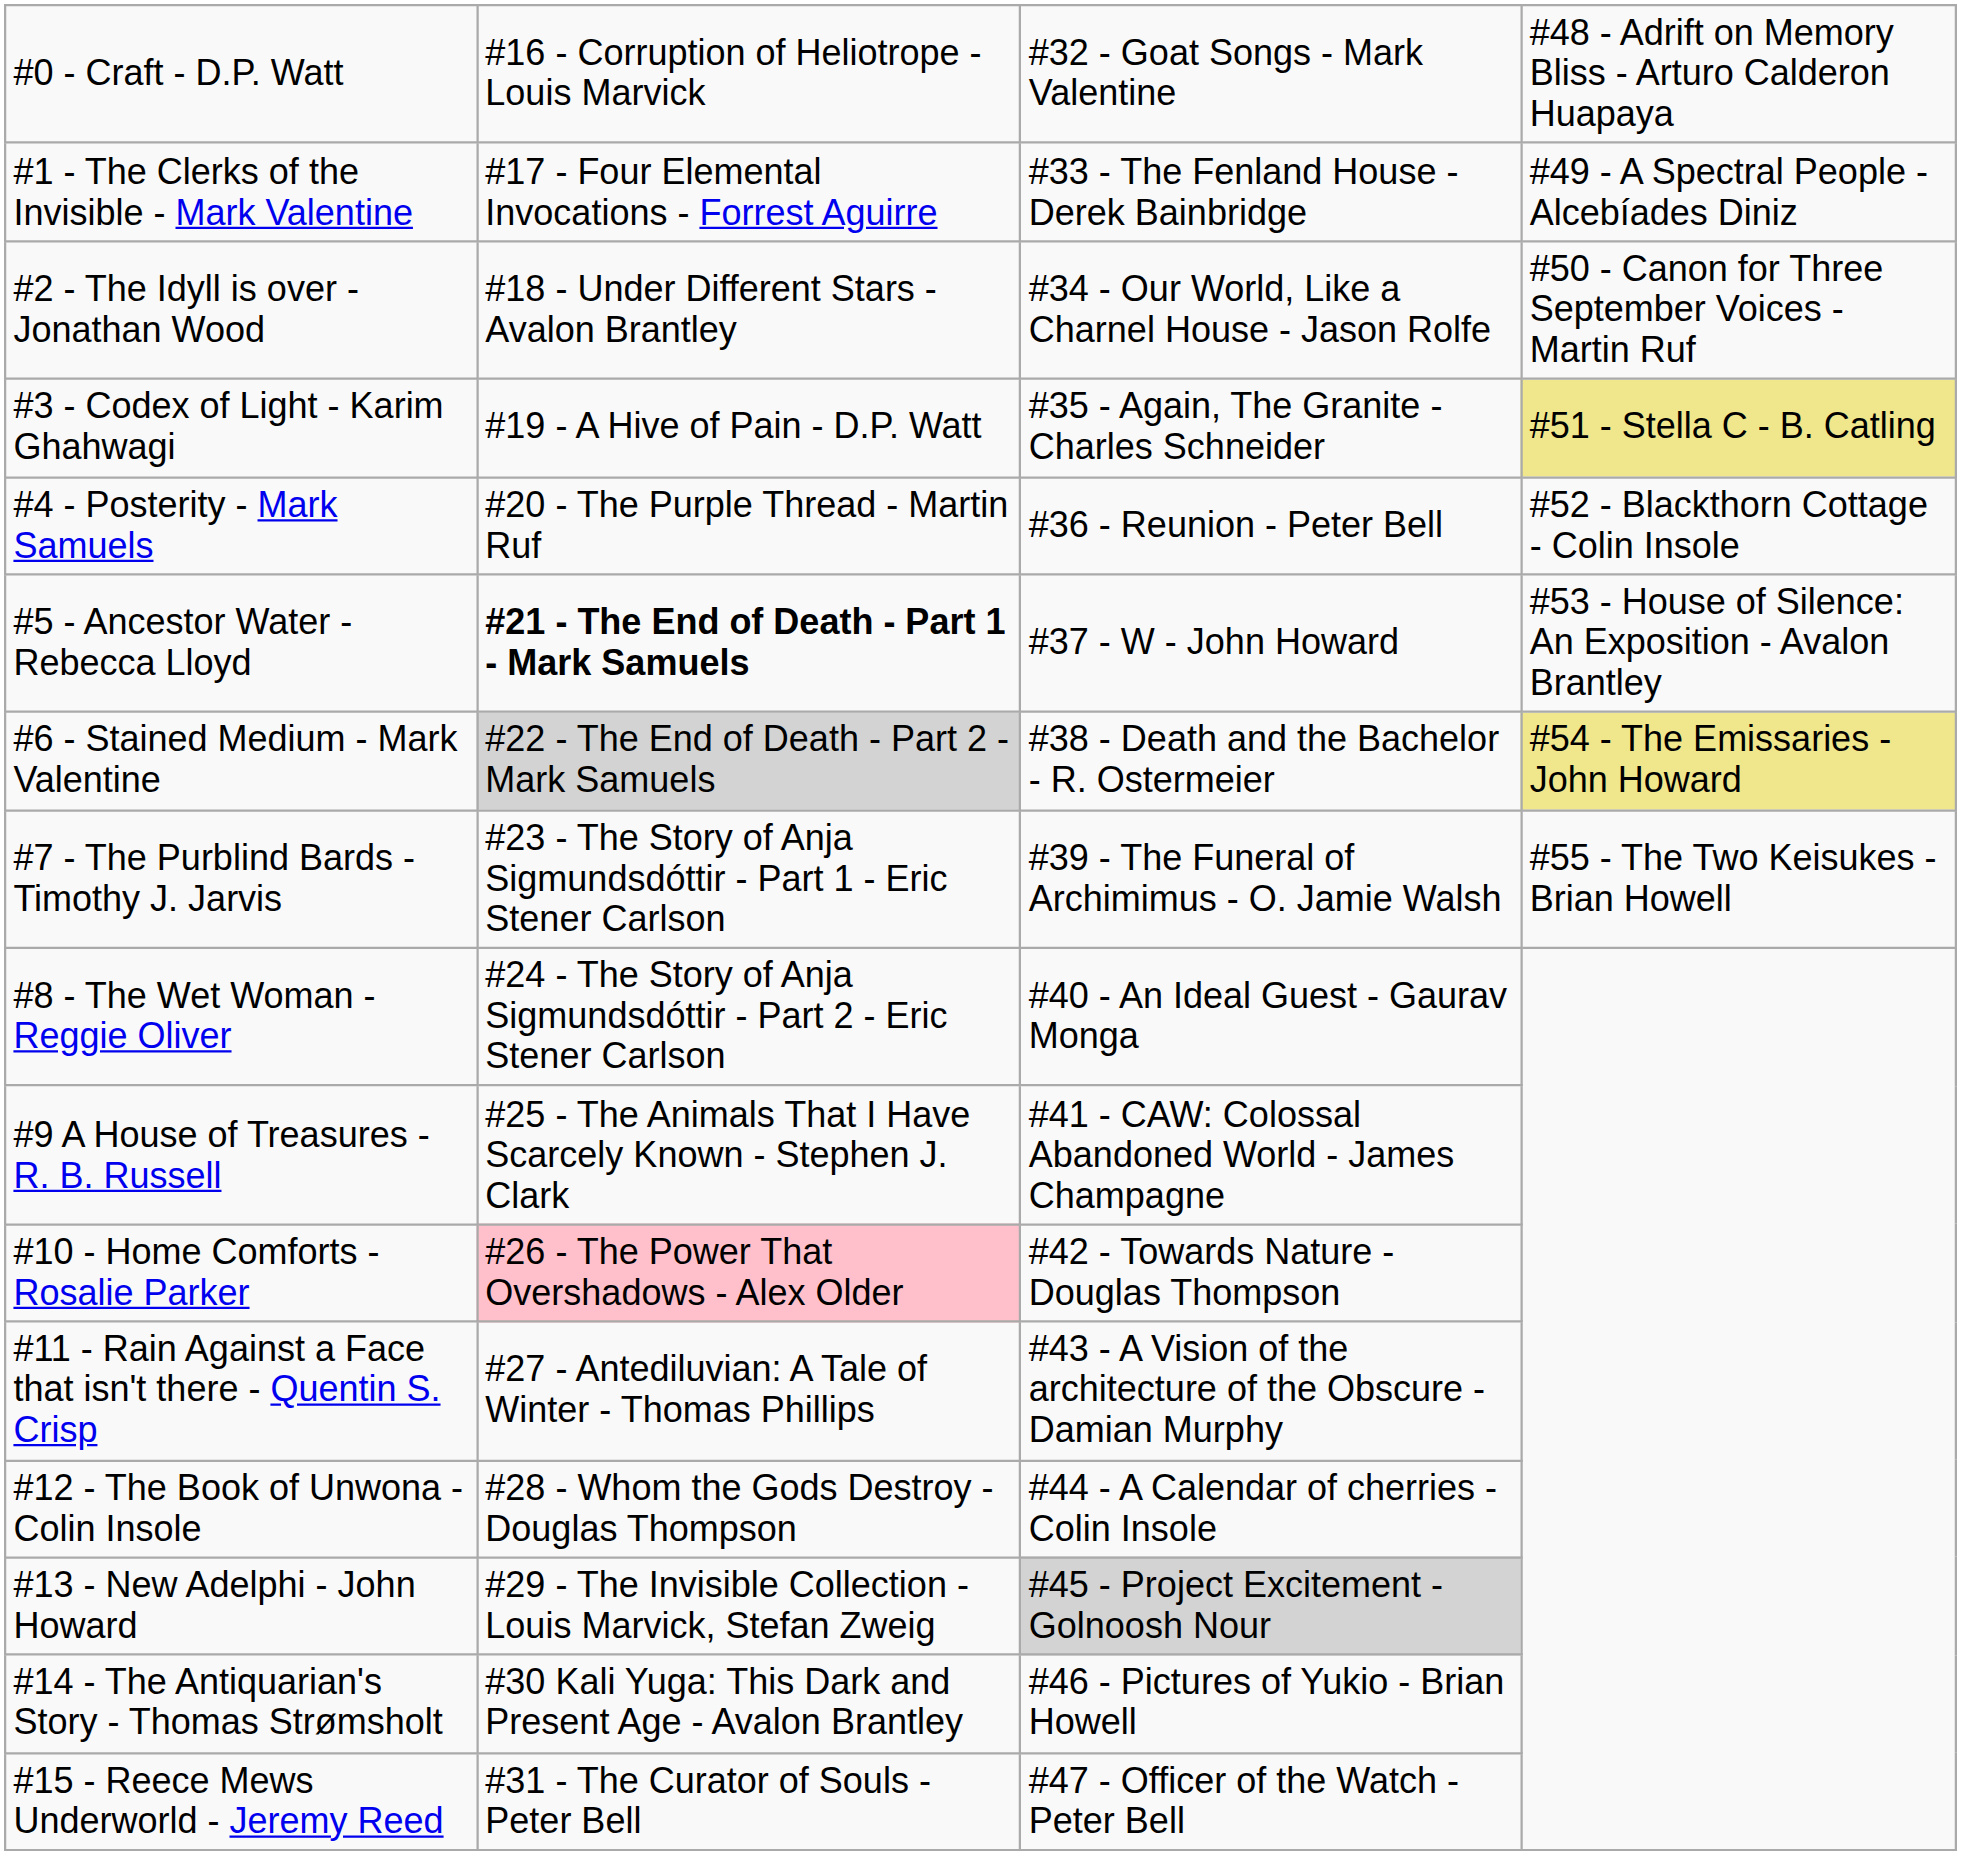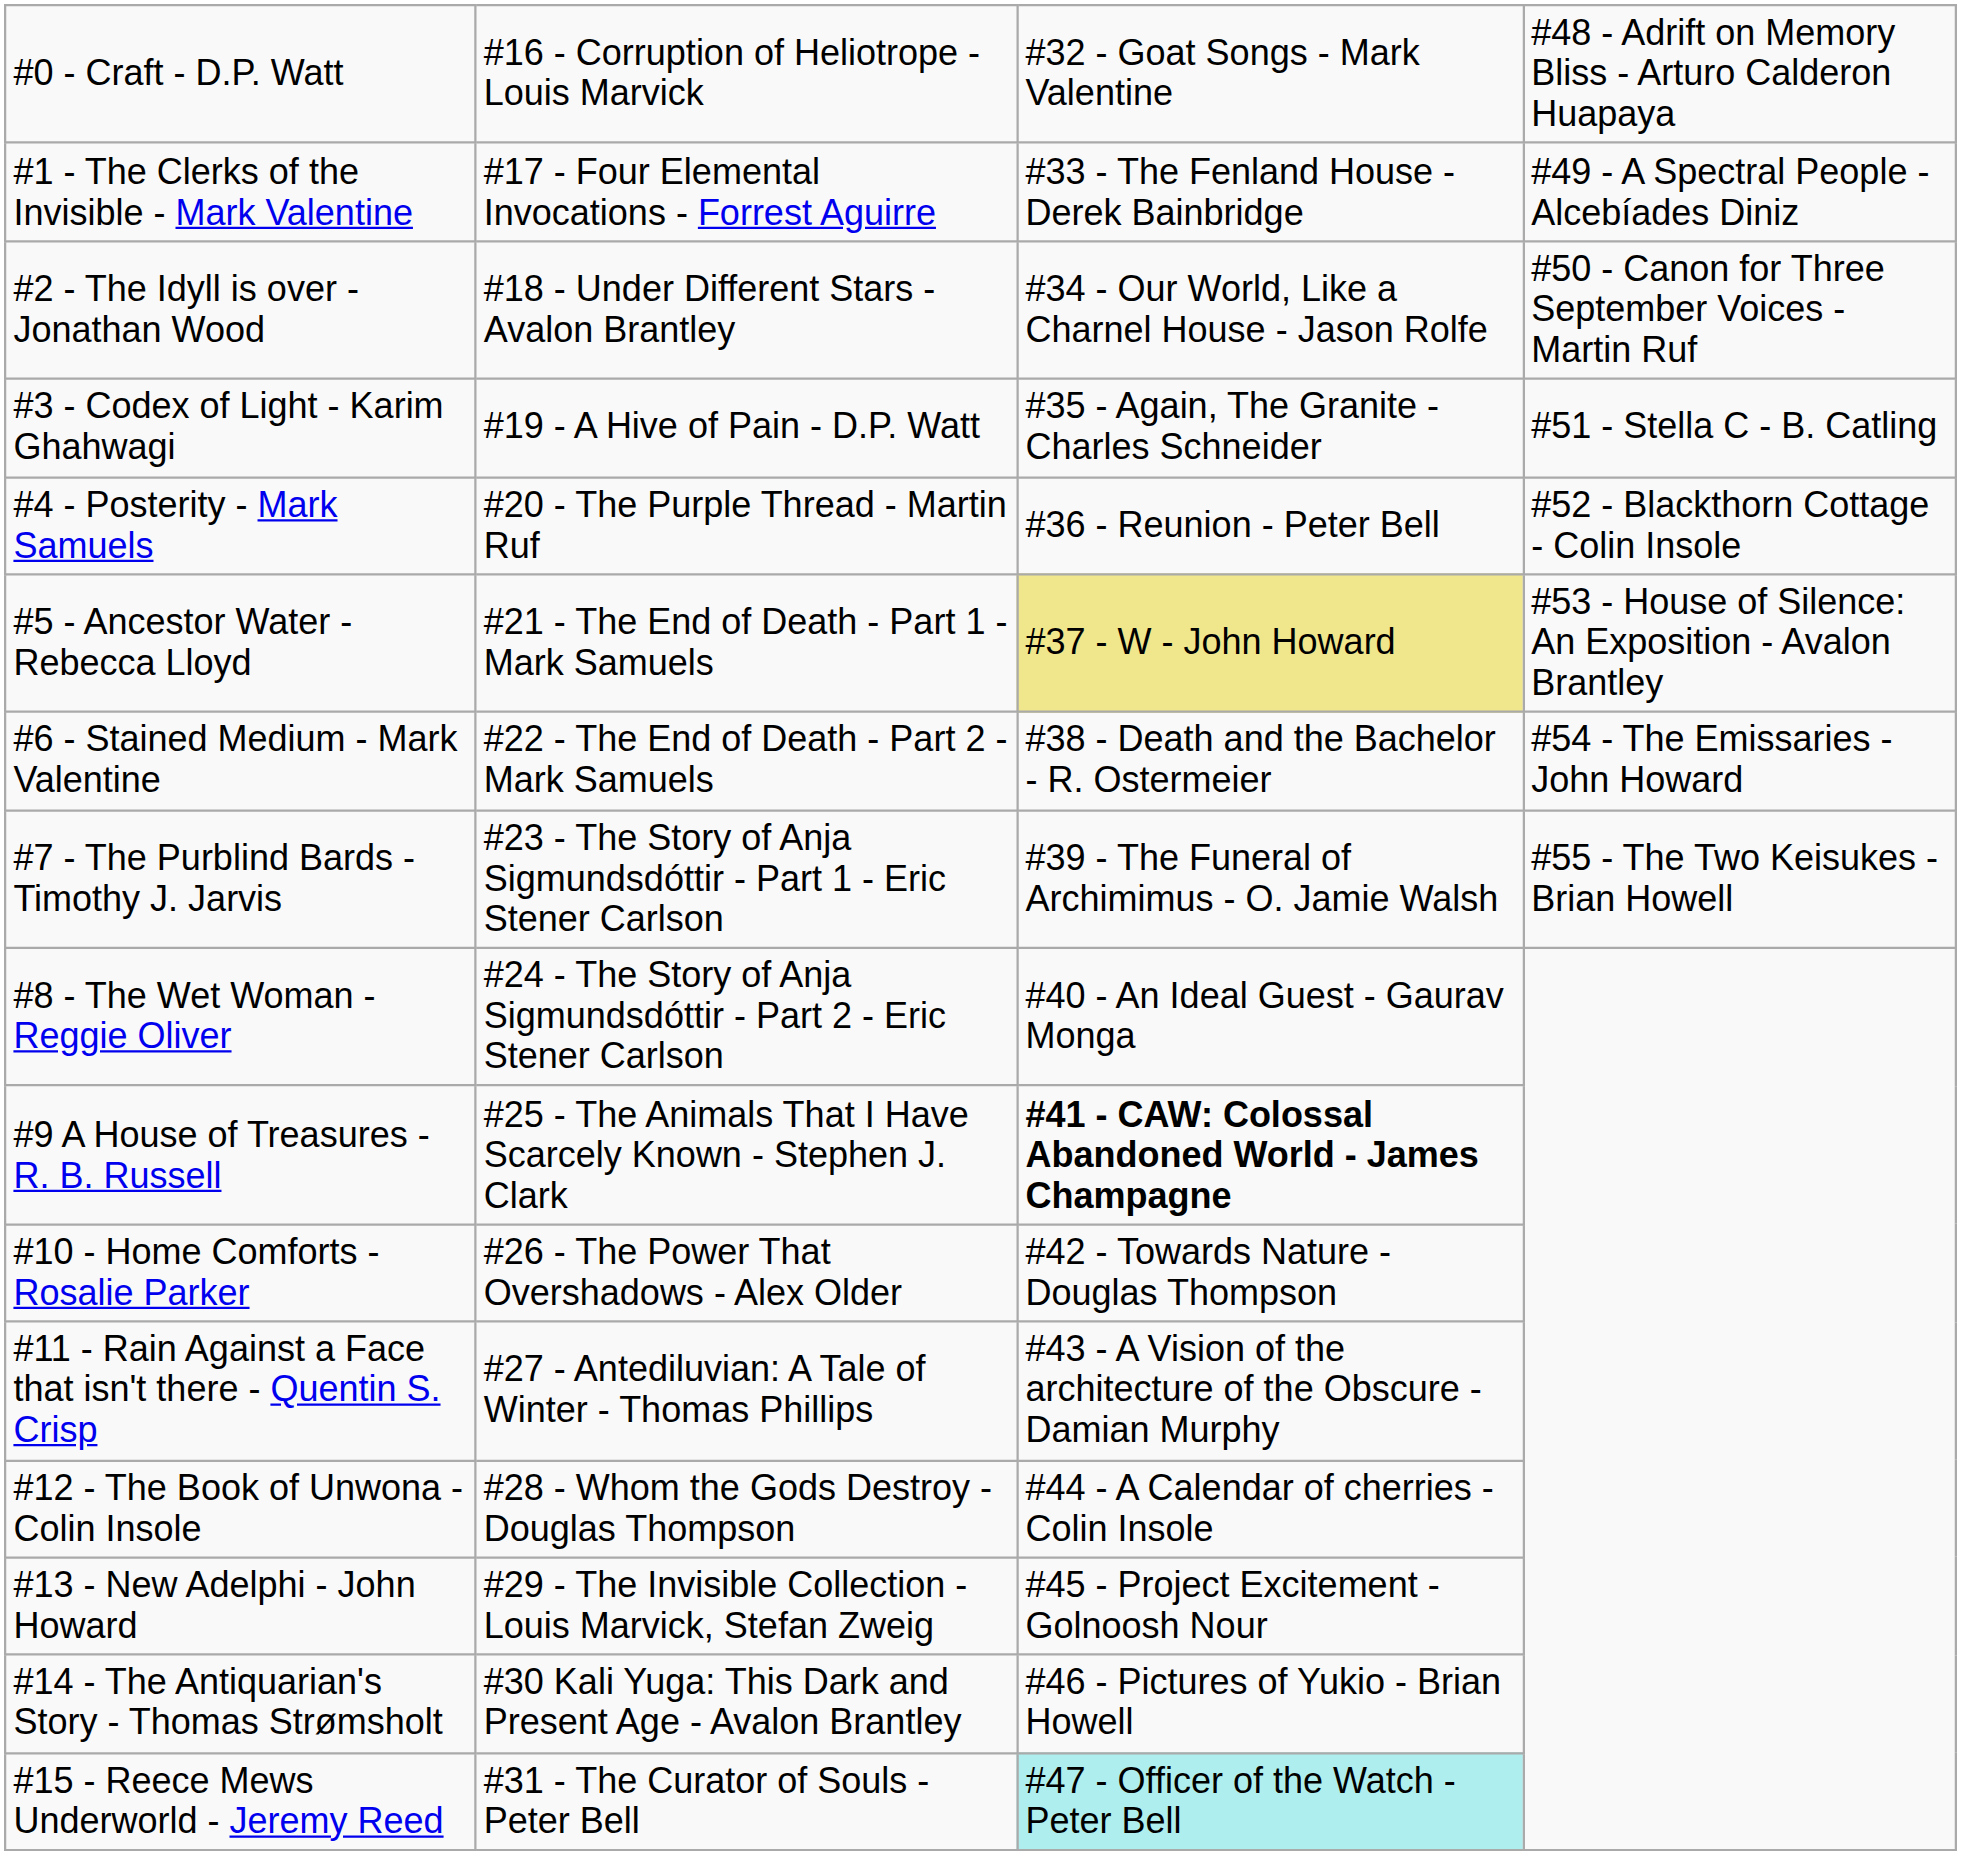 <table class="wikitable sortable">
 <tr>
 <td>#0 - Craft - D.P. Watt</td>
 <td>#16 - Corruption of Heliotrope - Louis Marvick</td>
 <td>#32 - Goat Songs - Mark Valentine</td>
 <td>#48 - Adrift on Memory Bliss - Arturo Calderon Huapaya</td>
 </tr>
 <tr>
 <td>#1 - The Clerks of the Invisible - <a href='#'>Mark Valentine</a></td>
 <td>#17 - Four Elemental Invocations - <a href='#'>Forrest Aguirre</a></td>
 <td>#33 - The Fenland House - Derek Bainbridge</td>
 <td>#49 - A Spectral People - Alcebíades Diniz</td>
 </tr>
 <tr>
 <td>#2 - The Idyll is over - Jonathan Wood</td>
 <td>#18 - Under Different Stars - Avalon Brantley</td>
 <td>#34 - Our World, Like a Charnel House - Jason Rolfe</td>
 <td>#50 - Canon for Three September Voices - Martin Ruf</td>
 </tr>
 <tr>
 <td>#3 - Codex of Light - Karim Ghahwagi</td>
 <td>#19 - A Hive of Pain - D.P. Watt</td>
 <td>#35 - Again, The Granite - Charles Schneider</td>
-<td style="background: khaki;">#51 - Stella C - B. Catling</td>
+<td>#51 - Stella C - B. Catling</td>
 </tr>
 <tr>
 <td>#4 - Posterity - <a href='#'>Mark Samuels</a></td>
 <td>#20 - The Purple Thread - Martin Ruf</td>
 <td>#36 - Reunion - Peter Bell</td>
 <td>#52 - Blackthorn Cottage - Colin Insole</td>
 </tr>
 <tr>
 <td>#5 - Ancestor Water - Rebecca Lloyd</td>
-<td><strong>#21 - The End of Death - Part 1 - Mark Samuels</strong></td>
-<td>#37 - W - John Howard</td>
+<td>#21 - The End of Death - Part 1 - Mark Samuels</td>
+<td style="background: khaki;">#37 - W - John Howard</td>
 <td>#53 - House of Silence: An Exposition - Avalon Brantley</td>
 </tr>
 <tr>
 <td>#6 - Stained Medium - Mark Valentine</td>
-<td style="background: lightgrey;">#22 - The End of Death - Part 2 - Mark Samuels</td>
+<td>#22 - The End of Death - Part 2 - Mark Samuels</td>
 <td>#38 - Death and the Bachelor - R. Ostermeier</td>
-<td style="background: khaki;">#54 - The Emissaries - John Howard</td>
+<td>#54 - The Emissaries - John Howard</td>
 </tr>
 <tr>
 <td>#7 - The Purblind Bards - Timothy J. Jarvis</td>
 <td>#23 - The Story of Anja Sigmundsdóttir - Part 1 - Eric Stener Carlson</td>
 <td>#39 - The Funeral of Archimimus - O. Jamie Walsh</td>
 <td>#55 - The Two Keisukes - Brian Howell</td>
 </tr>
 <tr>
 <td>#8 - The Wet Woman - <a href='#'>Reggie Oliver</a></td>
 <td>#24 - The Story of Anja Sigmundsdóttir - Part 2 - Eric Stener Carlson</td>
 <td>#40 - An Ideal Guest - Gaurav Monga</td>
 </tr>
 <tr>
 <td>#9 A House of Treasures - <a href='#'>R. B. Russell</a></td>
 <td>#25 - The Animals That I Have Scarcely Known - Stephen J. Clark</td>
-<td>#41 - CAW: Colossal Abandoned World - James Champagne</td>
+<td><strong>#41 - CAW: Colossal Abandoned World - James Champagne</strong></td>
 </tr>
 <tr>
 <td>#10 - Home Comforts - <a href='#'>Rosalie Parker</a></td>
-<td style="background: pink;">#26 - The Power That Overshadows - Alex Older</td>
+<td>#26 - The Power That Overshadows - Alex Older</td>
 <td>#42 - Towards Nature - Douglas Thompson</td>
 </tr>
 <tr>
 <td>#11 - Rain Against a Face that isn't there - <a href='#'>Quentin S. Crisp</a></td>
 <td>#27 - Antediluvian: A Tale of Winter - Thomas Phillips</td>
 <td>#43 - A Vision of the architecture of the Obscure - Damian Murphy</td>
 </tr>
 <tr>
 <td>#12 - The Book of Unwona - Colin Insole</td>
 <td>#28 - Whom the Gods Destroy - Douglas Thompson</td>
 <td>#44 - A Calendar of cherries - Colin Insole</td>
 </tr>
 <tr>
 <td>#13 - New Adelphi - John Howard</td>
 <td>#29 - The Invisible Collection - Louis Marvick, Stefan Zweig</td>
-<td style="background: lightgrey;">#45 - Project Excitement - Golnoosh Nour</td>
+<td>#45 - Project Excitement - Golnoosh Nour</td>
 </tr>
 <tr>
 <td>#14 - The Antiquarian's Story - Thomas Strømsholt</td>
 <td>#30 Kali Yuga: This Dark and Present Age - Avalon Brantley</td>
 <td>#46 - Pictures of Yukio - Brian Howell</td>
 </tr>
 <tr>
 <td>#15 - Reece Mews Underworld - <a href='#'>Jeremy Reed</a></td>
 <td>#31 - The Curator of Souls - Peter Bell</td>
-<td>#47 - Officer of the Watch - Peter Bell</td>
+<td style="background: paleturquoise;">#47 - Officer of the Watch - Peter Bell</td>
 </tr>
 <tr>
 </tr>
 </table>
